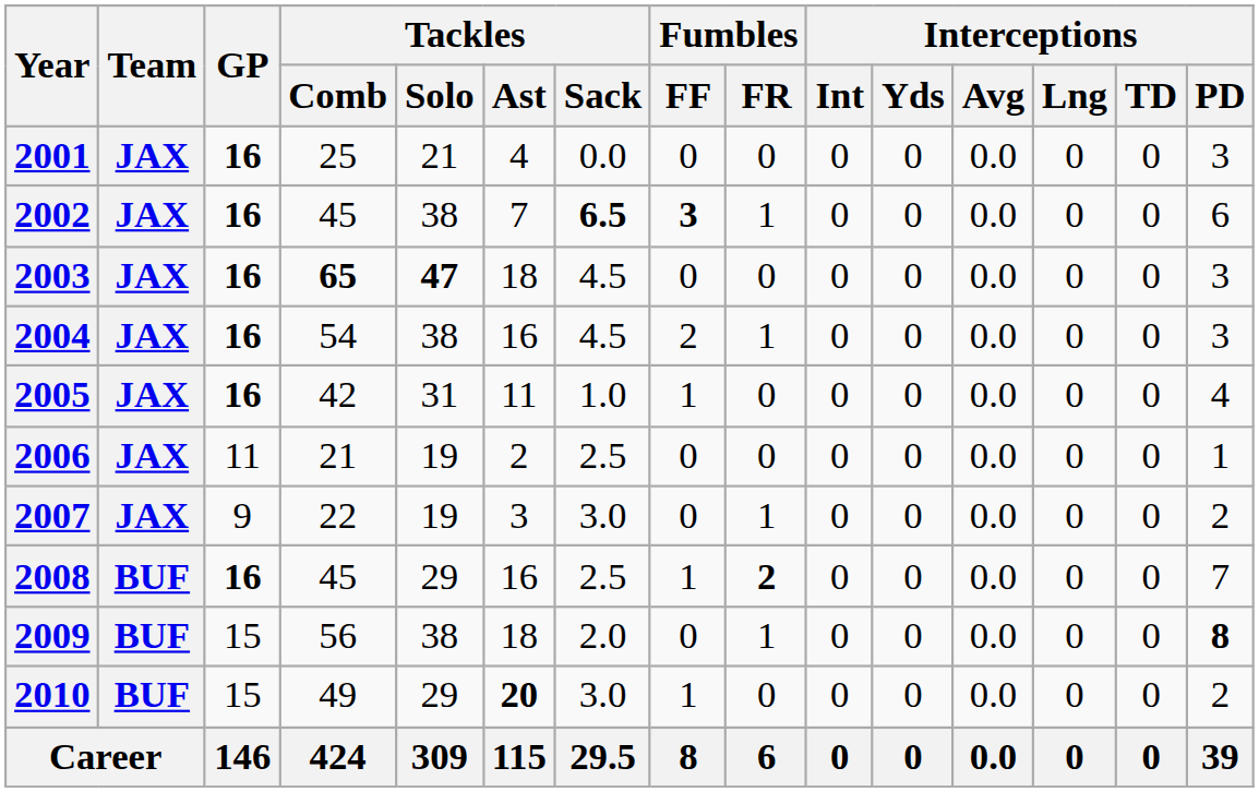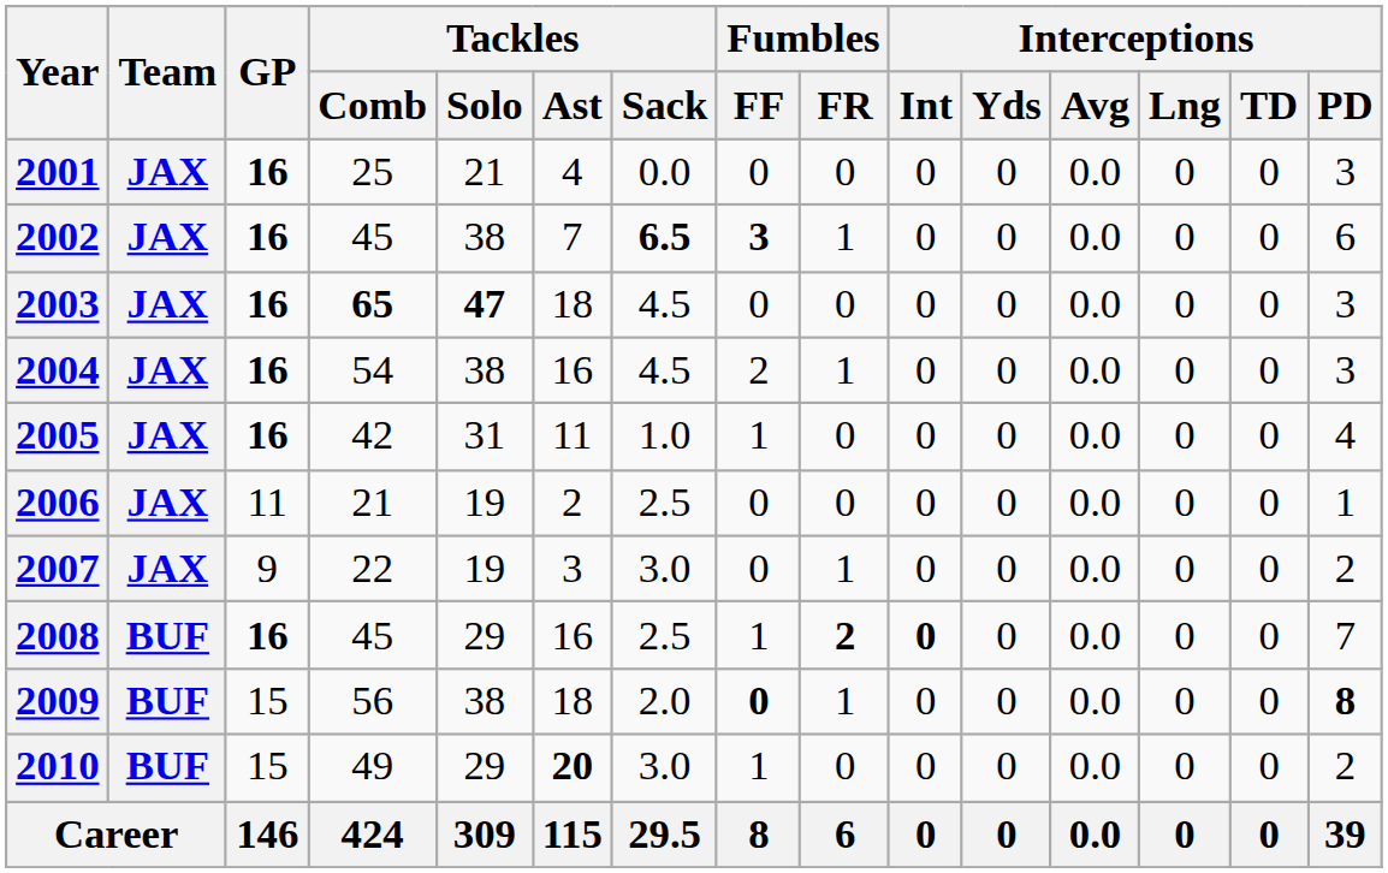 <table class="wikitable" style="text-align:center">
 <tr>
 <th rowspan="2">Year</th>
 <th rowspan="2">Team</th>
 <th rowspan="2">GP</th>
 <th colspan="4">Tackles</th>
 <th colspan="2">Fumbles</th>
 <th colspan="6">Interceptions</th>
 </tr>
 <tr>
 <th>Comb</th>
 <th>Solo</th>
 <th>Ast</th>
 <th>Sack</th>
 <th>FF</th>
 <th>FR</th>
 <th>Int</th>
 <th>Yds</th>
 <th>Avg</th>
 <th>Lng</th>
 <th>TD</th>
 <th>PD</th>
 </tr>
 <tr>
 <th><a href='#'>2001</a></th>
 <th><a href='#'>JAX</a></th>
 <td><strong>16</strong></td>
 <td>25</td>
 <td>21</td>
 <td>4</td>
 <td>0.0</td>
 <td>0</td>
 <td>0</td>
 <td>0</td>
 <td>0</td>
 <td>0.0</td>
 <td>0</td>
 <td>0</td>
 <td>3</td>
 </tr>
 <tr>
 <th><a href='#'>2002</a></th>
 <th><a href='#'>JAX</a></th>
 <td><strong>16</strong></td>
 <td>45</td>
 <td>38</td>
 <td>7</td>
 <td><strong>6.5</strong></td>
 <td><strong>3</strong></td>
 <td>1</td>
 <td>0</td>
 <td>0</td>
 <td>0.0</td>
 <td>0</td>
 <td>0</td>
 <td>6</td>
 </tr>
 <tr>
 <th><a href='#'>2003</a></th>
 <th><a href='#'>JAX</a></th>
 <td><strong>16</strong></td>
 <td><strong>65</strong></td>
 <td><strong>47</strong></td>
 <td>18</td>
 <td>4.5</td>
 <td>0</td>
 <td>0</td>
 <td>0</td>
 <td>0</td>
 <td>0.0</td>
 <td>0</td>
 <td>0</td>
 <td>3</td>
 </tr>
 <tr>
 <th><a href='#'>2004</a></th>
 <th><a href='#'>JAX</a></th>
 <td><strong>16</strong></td>
 <td>54</td>
 <td>38</td>
 <td>16</td>
 <td>4.5</td>
 <td>2</td>
 <td>1</td>
 <td>0</td>
 <td>0</td>
 <td>0.0</td>
 <td>0</td>
 <td>0</td>
 <td>3</td>
 </tr>
 <tr>
 <th><a href='#'>2005</a></th>
 <th><a href='#'>JAX</a></th>
 <td><strong>16</strong></td>
 <td>42</td>
 <td>31</td>
 <td>11</td>
 <td>1.0</td>
 <td>1</td>
 <td>0</td>
 <td>0</td>
 <td>0</td>
 <td>0.0</td>
 <td>0</td>
 <td>0</td>
 <td>4</td>
 </tr>
 <tr>
 <th><a href='#'>2006</a></th>
 <th><a href='#'>JAX</a></th>
 <td>11</td>
 <td>21</td>
 <td>19</td>
 <td>2</td>
 <td>2.5</td>
 <td>0</td>
 <td>0</td>
 <td>0</td>
 <td>0</td>
 <td>0.0</td>
 <td>0</td>
 <td>0</td>
 <td>1</td>
 </tr>
 <tr>
 <th><a href='#'>2007</a></th>
 <th><a href='#'>JAX</a></th>
 <td>9</td>
 <td>22</td>
 <td>19</td>
 <td>3</td>
 <td>3.0</td>
 <td>0</td>
 <td>1</td>
 <td>0</td>
 <td>0</td>
 <td>0.0</td>
 <td>0</td>
 <td>0</td>
 <td>2</td>
 </tr>
 <tr>
 <th><a href='#'>2008</a></th>
 <th><a href='#'>BUF</a></th>
 <td><strong>16</strong></td>
 <td>45</td>
 <td>29</td>
 <td>16</td>
 <td>2.5</td>
 <td>1</td>
 <td><strong>2</strong></td>
-<td>0</td>
+<td><strong>0</strong></td>
 <td>0</td>
 <td>0.0</td>
 <td>0</td>
 <td>0</td>
 <td>7</td>
 </tr>
 <tr>
 <th><a href='#'>2009</a></th>
 <th><a href='#'>BUF</a></th>
 <td>15</td>
 <td>56</td>
 <td>38</td>
 <td>18</td>
 <td>2.0</td>
-<td>0</td>
+<td><strong>0</strong></td>
 <td>1</td>
 <td>0</td>
 <td>0</td>
 <td>0.0</td>
 <td>0</td>
 <td>0</td>
 <td><strong>8</strong></td>
 </tr>
 <tr>
 <th><a href='#'>2010</a></th>
 <th><a href='#'>BUF</a></th>
 <td>15</td>
 <td>49</td>
 <td>29</td>
 <td><strong>20</strong></td>
 <td>3.0</td>
 <td>1</td>
 <td>0</td>
 <td>0</td>
 <td>0</td>
 <td>0.0</td>
 <td>0</td>
 <td>0</td>
 <td>2</td>
 </tr>
 <tr>
 <th colspan="2">Career</th>
 <th>146</th>
 <th>424</th>
 <th>309</th>
 <th>115</th>
 <th>29.5</th>
 <th>8</th>
 <th>6</th>
 <th>0</th>
 <th>0</th>
 <th>0.0</th>
 <th>0</th>
 <th>0</th>
 <th>39</th>
 </tr>
 </table>
